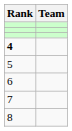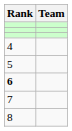 <table class="wikitable">
 <tr>
 <th>Rank</th>
 <th>Team</th>
 </tr>
 <tr bgcolor="#ccffcc">
 <td></td>
 <td></td>
 </tr>
 <tr bgcolor="#ccffcc">
 <td></td>
 <td></td>
 </tr>
 <tr bgcolor="#ccffcc">
 <td></td>
 <td></td>
 </tr>
 <tr>
-<td><strong>4</strong></td>
+<td>4</td>
 <td></td>
 </tr>
 <tr>
 <td>5</td>
 <td></td>
 </tr>
 <tr>
-<td>6</td>
+<td><strong>6</strong></td>
 <td></td>
 </tr>
 <tr>
 <td>7</td>
 <td></td>
 </tr>
 <tr>
 <td>8</td>
 <td></td>
 </tr>
 </table>
